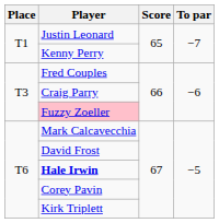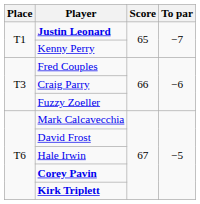 <table class="wikitable">
 <tr>
 <th>Place</th>
 <th>Player</th>
 <th>Score</th>
 <th>To par</th>
 </tr>
 <tr>
 <td rowspan=2 align=center>T1</td>
-<td> <a href='#'>Justin Leonard</a></td>
+<td><strong> <a href='#'>Justin Leonard</a></strong></td>
 <td rowspan=2 align=center>65</td>
 <td rowspan=2 align=center>−7</td>
 </tr>
 <tr>
 <td> <a href='#'>Kenny Perry</a></td>
 </tr>
 <tr>
 <td rowspan=3 align=center>T3</td>
 <td> <a href='#'>Fred Couples</a></td>
 <td rowspan=3 align=center>66</td>
 <td rowspan=3 align=center>−6</td>
 </tr>
 <tr>
 <td> <a href='#'>Craig Parry</a></td>
 </tr>
 <tr>
-<td style="background: pink;"> <a href='#'>Fuzzy Zoeller</a></td>
+<td> <a href='#'>Fuzzy Zoeller</a></td>
 </tr>
 <tr>
 <td rowspan=5 align=center>T6</td>
 <td> <a href='#'>Mark Calcavecchia</a></td>
 <td rowspan=5 align=center>67</td>
 <td rowspan=5 align=center>−5</td>
 </tr>
 <tr>
 <td> <a href='#'>David Frost</a></td>
 </tr>
 <tr>
-<td><strong> <a href='#'>Hale Irwin</a></strong></td>
+<td> <a href='#'>Hale Irwin</a></td>
 </tr>
 <tr>
-<td> <a href='#'>Corey Pavin</a></td>
+<td><strong> <a href='#'>Corey Pavin</a></strong></td>
 </tr>
 <tr>
-<td> <a href='#'>Kirk Triplett</a></td>
+<td><strong> <a href='#'>Kirk Triplett</a></strong></td>
 </tr>
 </table>
